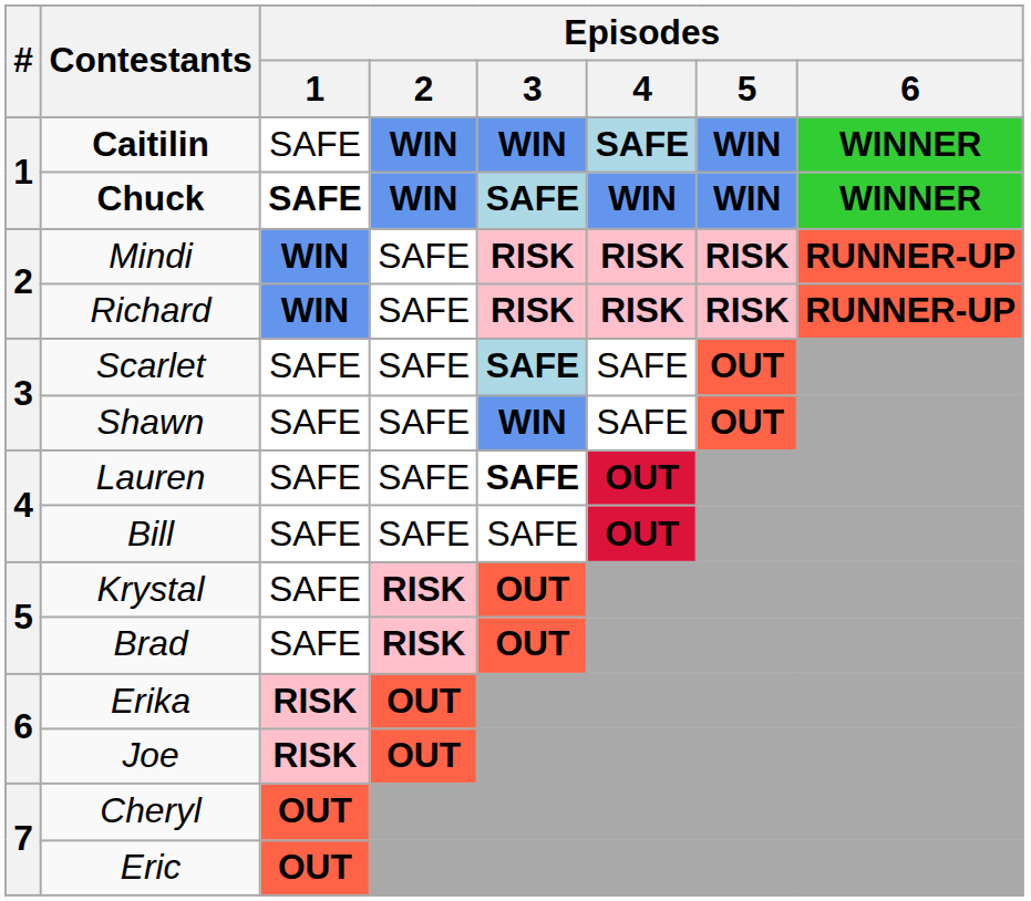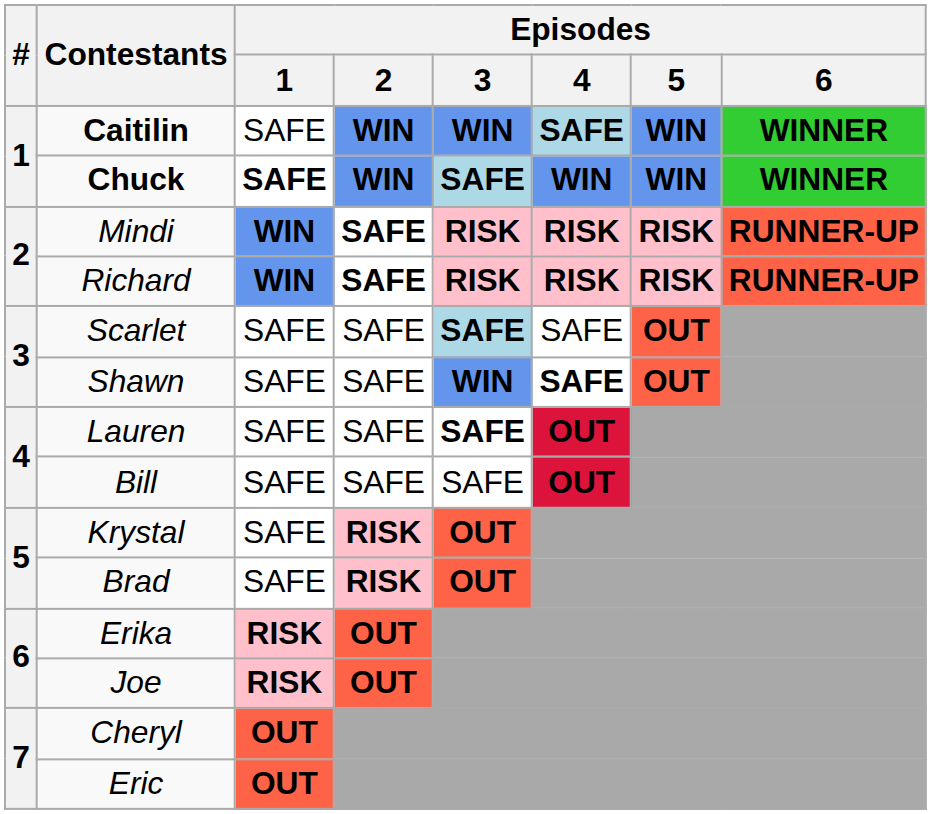 <table class="wikitable" style="text-align:center">
 <tr>
 <th rowspan=2>#</th>
 <th rowspan=2>Contestants</th>
 <th colspan=8>Episodes</th>
 </tr>
 <tr>
 <th>1</th>
 <th>2</th>
 <th>3</th>
 <th>4</th>
 <th>5</th>
 <th>6</th>
 </tr>
 <tr>
 <th rowspan=2>1</th>
 <td><strong>Caitilin</strong></td>
 <td style="background:white;">SAFE</td>
 <td style="background:cornflowerblue;"><strong>WIN</strong></td>
 <td style="background:cornflowerblue;"><strong>WIN</strong></td>
 <td style="background:lightblue;"><strong>SAFE</strong></td>
 <td style="background:cornflowerblue;"><strong>WIN</strong></td>
 <td style="background:limegreen;"><strong>WINNER</strong></td>
 </tr>
 <tr>
 <td><strong>Chuck</strong></td>
 <td style="background:white;"><strong>SAFE</strong></td>
 <td style="background:cornflowerblue;"><strong>WIN</strong></td>
 <td style="background:lightblue;"><strong>SAFE</strong></td>
 <td style="background:cornflowerblue;"><strong>WIN</strong></td>
 <td style="background:cornflowerblue;"><strong>WIN</strong></td>
 <td style="background:limegreen;"><strong>WINNER</strong></td>
 </tr>
 <tr>
 <th rowspan=2>2</th>
 <td><em>Mindi</em></td>
 <td style="background:cornflowerblue;"><strong>WIN</strong></td>
-<td style="background:white;">SAFE</td>
+<td style="background:white;"><strong>SAFE</strong></td>
 <td style="background:pink;"><strong>RISK</strong></td>
 <td style="background:pink;"><strong>RISK</strong></td>
 <td style="background:pink;"><strong>RISK</strong></td>
 <td style="background:tomato;"><strong>RUNNER-UP</strong></td>
 </tr>
 <tr>
 <td><em>Richard</em></td>
 <td style="background:cornflowerblue;"><strong>WIN</strong></td>
-<td style="background:white;">SAFE</td>
+<td style="background:white;"><strong>SAFE</strong></td>
 <td style="background:pink;"><strong>RISK</strong></td>
 <td style="background:pink;"><strong>RISK</strong></td>
 <td style="background:pink;"><strong>RISK</strong></td>
 <td style="background:tomato;"><strong>RUNNER-UP</strong></td>
 </tr>
 <tr>
 <th rowspan=2>3</th>
 <td><em>Scarlet</em></td>
 <td style="background:white;">SAFE</td>
 <td style="background:white;">SAFE</td>
 <td style="background:lightblue;"><strong>SAFE</strong></td>
 <td style="background:white;">SAFE</td>
 <td style="background:tomato;"><strong>OUT</strong></td>
 <td style="background:darkgray;"></td>
 </tr>
 <tr>
 <td><em>Shawn</em></td>
 <td style="background:white;">SAFE</td>
 <td style="background:white;">SAFE</td>
 <td style="background:cornflowerblue;"><strong>WIN</strong></td>
-<td style="background:white;">SAFE</td>
+<td style="background:white;"><strong>SAFE</strong></td>
 <td style="background:tomato;"><strong>OUT</strong></td>
 <td style="background:darkgray;"></td>
 </tr>
 <tr>
 <th rowspan=2>4</th>
 <td><em>Lauren</em></td>
 <td style="background:white;">SAFE</td>
 <td style="background:white;">SAFE</td>
 <td style="background:white;"><strong>SAFE</strong></td>
 <td style="background:crimson;"><strong>OUT</strong></td>
 <td style="background:darkgray;" colspan="2"></td>
 </tr>
 <tr>
 <td><em>Bill</em></td>
 <td style="background:white;">SAFE</td>
 <td style="background:white;">SAFE</td>
 <td style="background:white;">SAFE</td>
 <td style="background:crimson;"><strong>OUT</strong></td>
 <td style="background:darkgray;" colspan="2"></td>
 </tr>
 <tr>
 <th rowspan=2>5</th>
 <td><em>Krystal</em></td>
 <td style="background:white;">SAFE</td>
 <td style="background:pink;"><strong>RISK</strong></td>
 <td style="background:tomato;"><strong>OUT</strong></td>
 <td style="background:darkgray;" colspan="3"></td>
 </tr>
 <tr>
 <td><em>Brad</em></td>
 <td style="background:white;">SAFE</td>
 <td style="background:pink;"><strong>RISK</strong></td>
 <td style="background:tomato;"><strong>OUT</strong></td>
 <td style="background:darkgray;" colspan="3"></td>
 </tr>
 <tr>
 <th rowspan=2>6</th>
 <td><em>Erika</em></td>
 <td style="background:pink;"><strong>RISK</strong></td>
 <td style="background:tomato;"><strong>OUT</strong></td>
 <td style="background:darkgray;" colspan="4"></td>
 </tr>
 <tr>
 <td><em>Joe</em></td>
 <td style="background:pink;"><strong>RISK</strong></td>
 <td style="background:tomato;"><strong>OUT</strong></td>
 <td style="background:darkgray;" colspan="4"></td>
 </tr>
 <tr>
 <th rowspan=2>7</th>
 <td><em>Cheryl</em></td>
 <td style="background:tomato;"><strong>OUT</strong></td>
 <td style="background:darkgray;" colspan="5"></td>
 </tr>
 <tr>
 <td><em>Eric</em></td>
 <td style="background:tomato;"><strong>OUT</strong></td>
 <td style="background:darkgray;" colspan="5"></td>
 </tr>
 </table>
